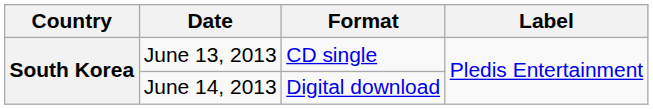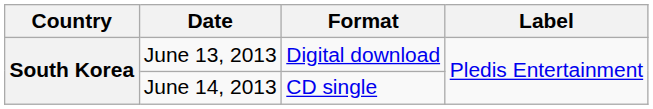 <table class="wikitable plainrowheaders">
 <tr>
 <th scope="col">Country</th>
 <th>Date</th>
 <th>Format</th>
 <th>Label</th>
 </tr>
 <tr>
 <th scope="row" rowspan="2">South Korea</th>
 <td>June 13, 2013</td>
-<td><a href='#'>CD single</a></td>
+<td><a href='#'>Digital download</a></td>
 <td rowspan="2"><a href='#'>Pledis Entertainment</a></td>
 </tr>
 <tr>
 <td>June 14, 2013</td>
-<td><a href='#'>Digital download</a></td>
+<td><a href='#'>CD single</a></td>
 </tr>
 </table>
